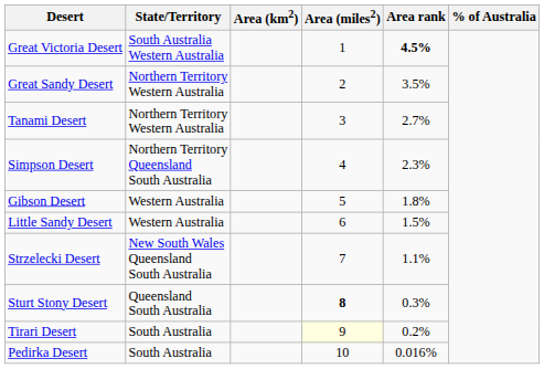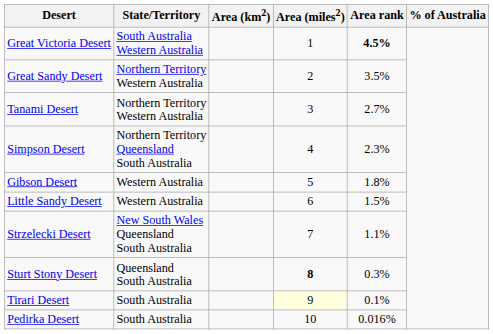 <table class="wikitable sortable">
 <tr>
 <th>Desert</th>
 <th>State/Territory</th>
 <th>Area (km<sup>2</sup>)</th>
 <th>Area (miles<sup>2</sup>)</th>
 <th>Area rank</th>
 <th>% of Australia</th>
 </tr>
 <tr>
 <td><a href='#'>Great Victoria Desert</a></td>
 <td><a href='#'>South Australia</a><br><a href='#'>Western Australia</a></td>
 <td></td>
 <td align="center">1</td>
 <td align="center"><strong>4.5%</strong></td>
 </tr>
 <tr>
 <td><a href='#'>Great Sandy Desert</a></td>
 <td><a href='#'>Northern Territory</a><br>Western Australia</td>
 <td></td>
 <td align="center">2</td>
 <td align="center">3.5%</td>
 </tr>
 <tr>
 <td><a href='#'>Tanami Desert</a></td>
 <td>Northern Territory<br>Western Australia</td>
 <td></td>
 <td align="center">3</td>
 <td align="center">2.7%</td>
 </tr>
 <tr>
 <td><a href='#'>Simpson Desert</a></td>
 <td>Northern Territory<br><a href='#'>Queensland</a><br>South Australia</td>
 <td></td>
 <td align="center">4</td>
 <td align="center">2.3%</td>
 </tr>
 <tr jp>
 <td><a href='#'>Gibson Desert</a></td>
 <td>Western Australia</td>
 <td></td>
 <td align="center">5</td>
 <td align="center">1.8%</td>
 </tr>
 <tr>
 <td><a href='#'>Little Sandy Desert</a></td>
 <td>Western Australia</td>
 <td></td>
 <td align="center">6</td>
 <td align="center">1.5%</td>
 </tr>
 <tr>
 <td><a href='#'>Strzelecki Desert</a></td>
 <td><a href='#'>New South Wales</a><br>Queensland<br>South Australia</td>
 <td></td>
 <td align="center">7</td>
 <td align="center">1.1%</td>
 </tr>
 <tr>
 <td><a href='#'>Sturt Stony Desert</a></td>
 <td>Queensland<br>South Australia</td>
 <td></td>
 <td align="center"><strong>8</strong></td>
 <td align="center">0.3%</td>
 </tr>
 <tr>
 <td><a href='#'>Tirari Desert</a></td>
 <td>South Australia</td>
 <td></td>
 <td align="center" style="background: lightyellow;">9</td>
-<td align="center">0.2%</td>
+<td align="center">0.1%</td>
 </tr>
 <tr>
 <td><a href='#'>Pedirka Desert</a></td>
 <td>South Australia</td>
 <td></td>
 <td align="center">10</td>
 <td align="center">0.016%</td>
 </tr>
 </table>
